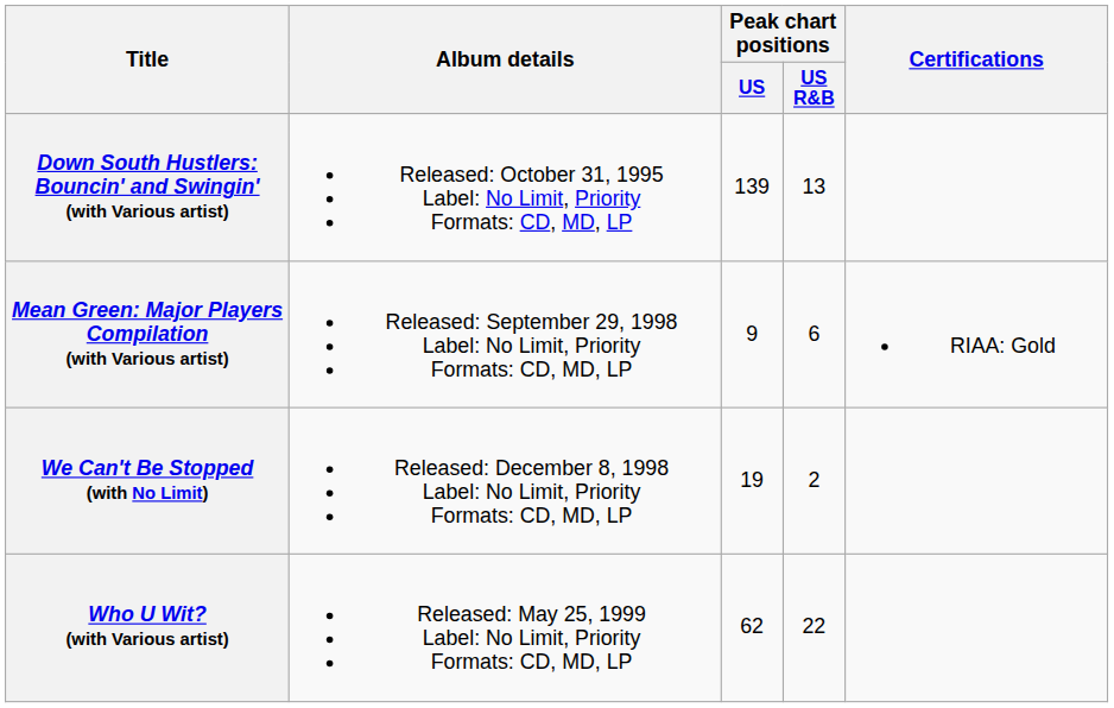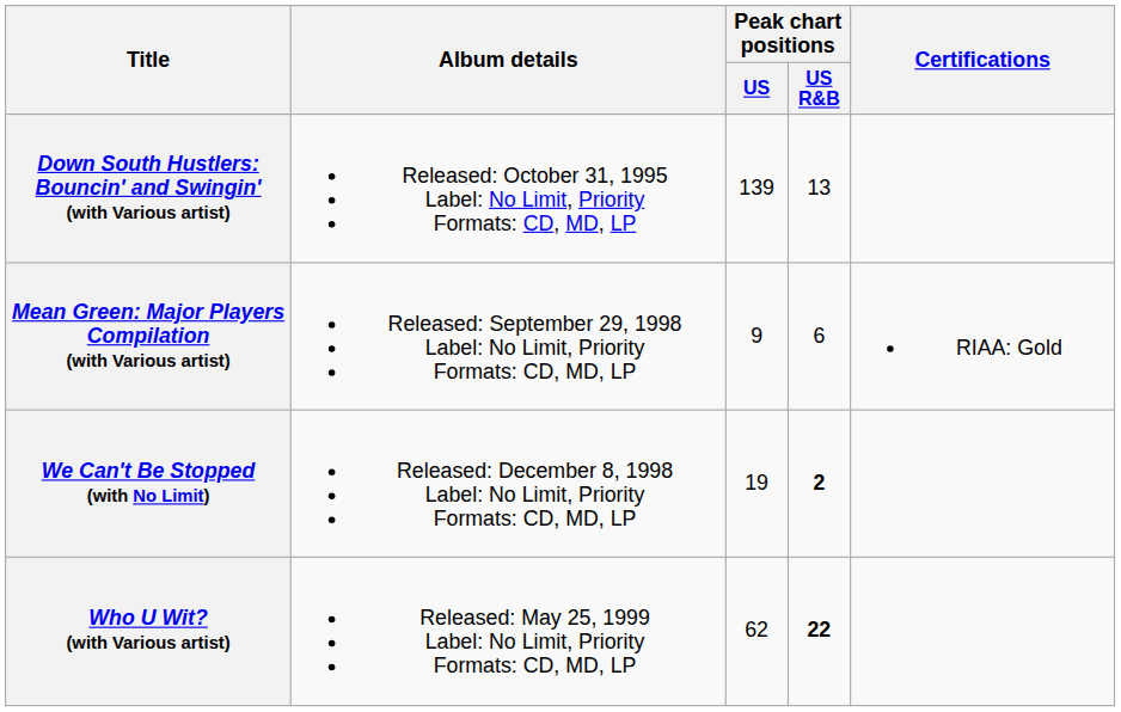 <table class="wikitable plainrowheaders" style="text-align:center;">
 <tr>
 <th scope="col" rowspan="2" style="width:13em;">Title</th>
 <th scope="col" rowspan="2" style="width:20em;">Album details</th>
 <th scope="col" colspan="2">Peak chart positions</th>
 <th scope="col" rowspan="2" style="width:12em;"><a href='#'>Certifications</a></th>
 </tr>
 <tr>
 <th scope="col" style="width:2.8em;font-size:90%;"><a href='#'>US</a><br></th>
 <th scope="col" style="width:2.8em;font-size:90%;"><a href='#'>US<br>R&B</a></th>
 </tr>
 <tr>
 <th scope="row"><em><a href='#'>Down South Hustlers: Bouncin' and Swingin'</a></em><br><small>(with Various artist)</small></th>
 <td><br><ul><li>Released: October 31, 1995</li><li>Label: <a href='#'>No Limit</a>, <a href='#'>Priority</a></li><li>Formats: <a href='#'>CD</a>, <a href='#'>MD</a>, <a href='#'>LP</a></li></ul></td>
 <td>139</td>
 <td>13</td>
 <td></td>
 </tr>
 <tr>
 <th scope="row"><em><a href='#'>Mean Green: Major Players Compilation</a></em><br><small>(with Various artist)</small></th>
 <td><br><ul><li>Released: September 29, 1998</li><li>Label: No Limit, Priority</li><li>Formats: CD, MD, LP</li></ul></td>
 <td>9</td>
 <td>6</td>
 <td><br><ul><li>RIAA: Gold</li></ul></td>
 </tr>
 <tr>
 <th scope="row"><em><a href='#'>We Can't Be Stopped</a></em><br><small>(with <a href='#'>No Limit</a>)</small></th>
 <td><br><ul><li>Released: December 8, 1998</li><li>Label: No Limit, Priority</li><li>Formats: CD, MD, LP</li></ul></td>
 <td>19</td>
-<td>2</td>
+<td><strong>2</strong></td>
 <td></td>
 </tr>
 <tr>
 <th scope="row"><em><a href='#'>Who U Wit?</a></em><br><small>(with Various artist)</small></th>
 <td><br><ul><li>Released: May 25, 1999</li><li>Label: No Limit, Priority</li><li>Formats: CD, MD, LP</li></ul></td>
 <td>62</td>
-<td>22</td>
+<td><strong>22</strong></td>
 <td></td>
 </tr>
 </table>
